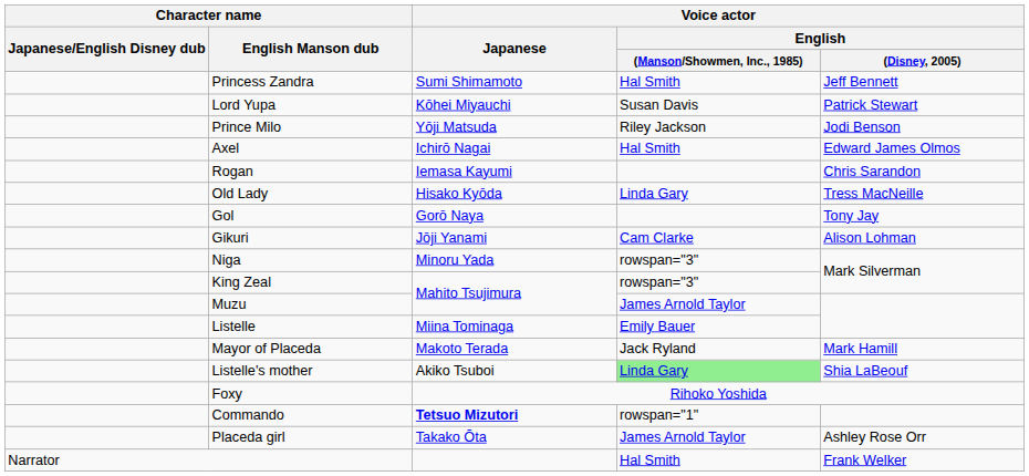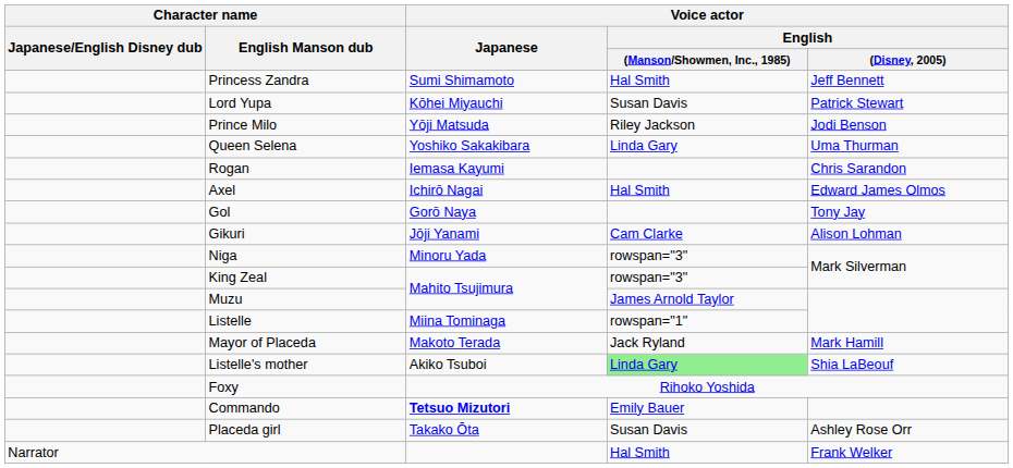 <table class="wikitable">
 <tr>
 <th colspan="2">Character name</th>
 <th colspan="3">Voice actor</th>
 </tr>
 <tr>
 <th width="20%" rowspan="2">Japanese/English Disney dub</th>
 <th width="20%" rowspan="2">English Manson dub</th>
 <th rowspan="2" width="20%">Japanese</th>
 <th width="40%" colspan="2">English</th>
 </tr>
 <tr>
 <th width="20%"><small>(<a href='#'>Manson</a>/Showmen, Inc., 1985)</small></th>
 <th width="20%"><small>(<a href='#'>Disney</a>, 2005)</small></th>
 </tr>
 <tr>
 <td></td>
 <td>Princess Zandra</td>
 <td><a href='#'>Sumi Shimamoto</a></td>
 <td><a href='#'>Hal Smith</a></td>
 <td><a href='#'>Jeff Bennett</a></td>
 </tr>
 <tr>
 <td></td>
 <td>Lord Yupa</td>
 <td><a href='#'>Kōhei Miyauchi</a></td>
 <td>Susan Davis</td>
 <td><a href='#'>Patrick Stewart</a></td>
 </tr>
 <tr>
 <td></td>
 <td>Prince Milo</td>
 <td><a href='#'>Yōji Matsuda</a></td>
 <td>Riley Jackson</td>
 <td><a href='#'>Jodi Benson</a></td>
 </tr>
 <tr>
 <td></td>
-<td>Axel</td>
-<td><a href='#'>Ichirō Nagai</a></td>
-<td><a href='#'>Hal Smith</a></td>
-<td><a href='#'>Edward James Olmos</a></td>
+<td>Queen Selena</td>
+<td><a href='#'>Yoshiko Sakakibara</a></td>
+<td><a href='#'>Linda Gary</a></td>
+<td><a href='#'>Uma Thurman</a></td>
 </tr>
 <tr>
 <td></td>
 <td>Rogan</td>
 <td><a href='#'>Iemasa Kayumi</a></td>
 <td></td>
 <td><a href='#'>Chris Sarandon</a></td>
 </tr>
 <tr>
 <td></td>
-<td>Old Lady</td>
-<td><a href='#'>Hisako Kyōda</a></td>
-<td><a href='#'>Linda Gary</a></td>
-<td><a href='#'>Tress MacNeille</a></td>
+<td>Axel</td>
+<td><a href='#'>Ichirō Nagai</a></td>
+<td><a href='#'>Hal Smith</a></td>
+<td><a href='#'>Edward James Olmos</a></td>
 </tr>
 <tr>
 <td></td>
 <td>Gol</td>
 <td><a href='#'>Gorō Naya</a></td>
 <td></td>
 <td><a href='#'>Tony Jay</a></td>
 </tr>
 <tr>
 <td></td>
 <td>Gikuri</td>
 <td><a href='#'>Jōji Yanami</a></td>
 <td><a href='#'>Cam Clarke</a></td>
 <td><a href='#'>Alison Lohman</a></td>
 </tr>
 <tr>
 <td></td>
 <td>Niga</td>
 <td><a href='#'>Minoru Yada</a></td>
 <td>rowspan="3" </td>
 <td rowspan="2">Mark Silverman</td>
 </tr>
 <tr>
 <td></td>
 <td>King Zeal</td>
 <td rowspan="2"><a href='#'>Mahito Tsujimura</a></td>
 <td>rowspan="3" </td>
 </tr>
 <tr>
 <td></td>
 <td>Muzu</td>
 <td><a href='#'>James Arnold Taylor</a></td>
 </tr>
 <tr>
 <td></td>
 <td>Listelle</td>
 <td><a href='#'>Miina Tominaga</a></td>
-<td><a href='#'>Emily Bauer</a></td>
+<td>rowspan="1" </td>
 </tr>
 <tr>
 <td></td>
 <td>Mayor of Placeda</td>
 <td><a href='#'>Makoto Terada</a></td>
 <td>Jack Ryland</td>
 <td><a href='#'>Mark Hamill</a></td>
 </tr>
 <tr>
 <td></td>
 <td>Listelle's mother</td>
 <td>Akiko Tsuboi</td>
 <td style="background: lightgreen;"><a href='#'>Linda Gary</a></td>
 <td><a href='#'>Shia LaBeouf</a></td>
 </tr>
 <tr>
 <td></td>
 <td>Foxy</td>
 <td colspan="3" style="text-align: center"><a href='#'>Rihoko Yoshida</a></td>
 </tr>
 <tr>
 <td></td>
 <td>Commando</td>
 <td><strong><a href='#'>Tetsuo Mizutori</a></strong></td>
-<td>rowspan="1" </td>
+<td><a href='#'>Emily Bauer</a></td>
 <td></td>
 </tr>
 <tr>
 <td></td>
 <td>Placeda girl</td>
 <td><a href='#'>Takako Ōta</a></td>
-<td><a href='#'>James Arnold Taylor</a></td>
+<td>Susan Davis</td>
 <td>Ashley Rose Orr</td>
 </tr>
 <tr>
 <td colspan="2">Narrator</td>
 <td></td>
 <td><a href='#'>Hal Smith</a></td>
 <td><a href='#'>Frank Welker</a></td>
 </tr>
 </table>
